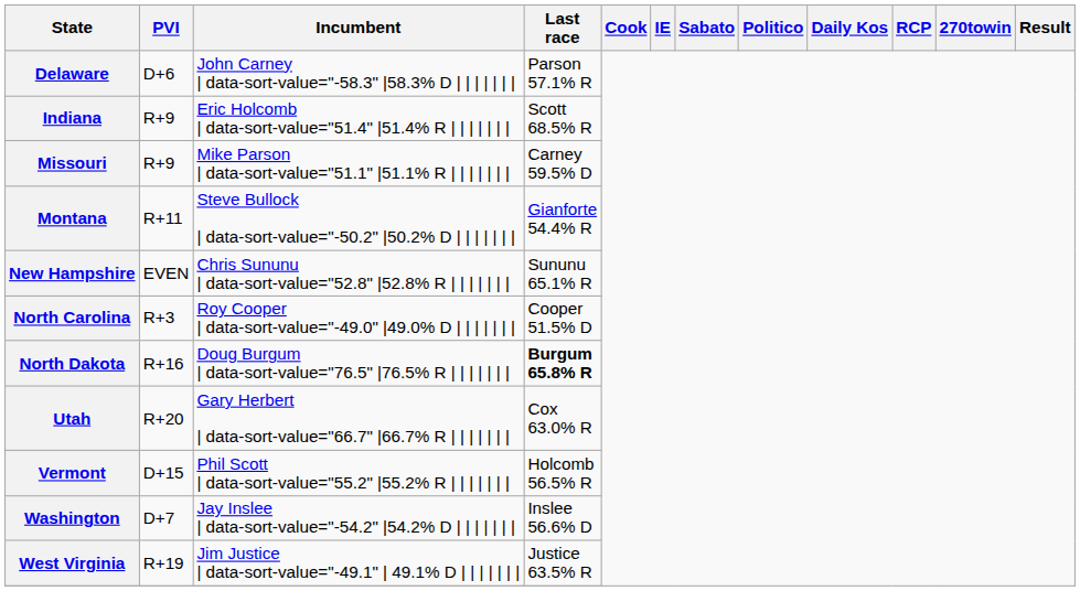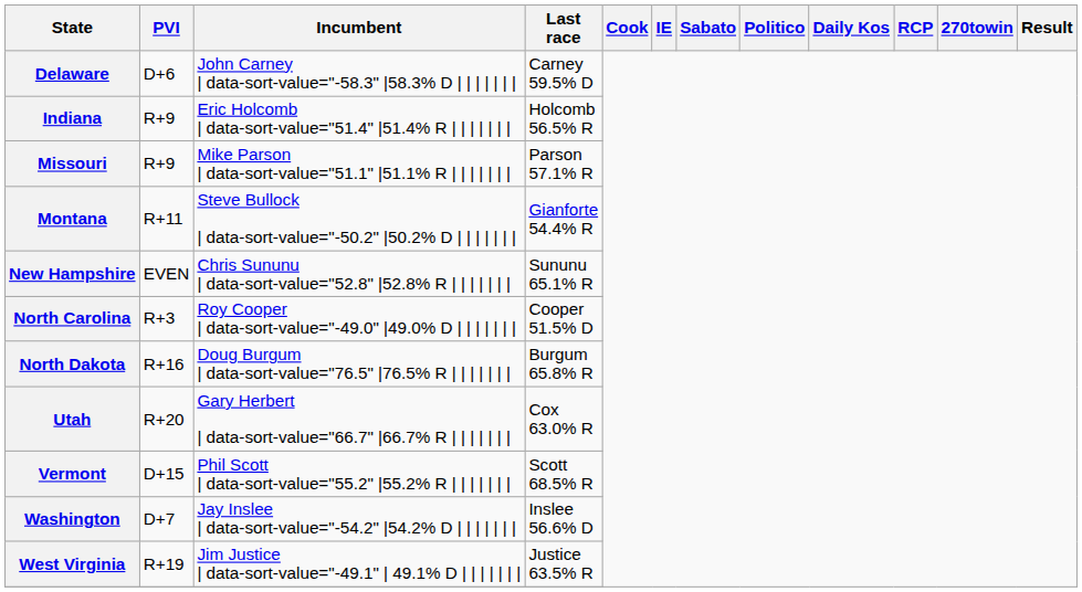 <table class="wikitable sortable" style="font-size:90%;">
 <tr>
 <th>State</th>
 <th><a href='#'>PVI</a></th>
 <th>Incumbent</th>
 <th>Last<br>race</th>
 <th scope="col"><a href='#'>Cook</a><br></th>
 <th scope="col"><a href='#'>IE</a><br></th>
 <th scope="col"><a href='#'>Sabato</a><br></th>
 <th><a href='#'>Politico</a><br></th>
 <th><a href='#'>Daily Kos</a><br></th>
 <th><a href='#'>RCP</a><br></th>
 <th><a href='#'>270towin</a><br></th>
 <th>Result</th>
 </tr>
 <tr>
 <th><a href='#'>Delaware</a></th>
 <td>D+6</td>
 <td><a href='#'>John Carney</a><br>| data-sort-value="-58.3" |58.3% D |  | | | | | |</td>
-<td>Parson<br>57.1% R</td>
+<td>Carney<br>59.5% D</td>
 </tr>
 <tr>
 <th><a href='#'>Indiana</a></th>
 <td>R+9</td>
 <td><a href='#'>Eric Holcomb</a><br>| data-sort-value="51.4" |51.4% R |  | | | | | |</td>
-<td>Scott<br>68.5% R</td>
+<td>Holcomb<br>56.5% R</td>
 </tr>
 <tr>
 <th><a href='#'>Missouri</a></th>
 <td>R+9</td>
 <td><a href='#'>Mike Parson</a><br>| data-sort-value="51.1" |51.1% R |  | | | | | |</td>
-<td>Carney<br>59.5% D</td>
+<td>Parson<br>57.1% R</td>
 </tr>
 <tr>
 <th><a href='#'>Montana</a></th>
 <td>R+11</td>
 <td><a href='#'>Steve Bullock</a><br><br>| data-sort-value="-50.2" |50.2% D |  | |  | | | |</td>
 <td><a href='#'>Gianforte</a><br>54.4% R </td>
 </tr>
 <tr>
 <th><a href='#'>New Hampshire</a></th>
 <td>EVEN</td>
 <td><a href='#'>Chris Sununu</a><br>| data-sort-value="52.8" |52.8% R |  | | | | | |</td>
 <td>Sununu<br>65.1% R</td>
 </tr>
 <tr>
 <th><a href='#'>North Carolina</a></th>
 <td>R+3</td>
 <td><a href='#'>Roy Cooper</a><br>| data-sort-value="-49.0" |49.0% D |  | |  | | | |</td>
 <td>Cooper<br>51.5% D</td>
 </tr>
 <tr>
 <th><a href='#'>North Dakota</a></th>
 <td>R+16</td>
 <td><a href='#'>Doug Burgum</a><br>| data-sort-value="76.5" |76.5% R |  | | | | | |</td>
-<td><strong>Burgum<br>65.8% R</strong></td>
+<td>Burgum<br>65.8% R</td>
 </tr>
 <tr>
 <th><a href='#'>Utah</a></th>
 <td>R+20</td>
 <td><a href='#'>Gary Herbert</a><br><br>| data-sort-value="66.7" |66.7% R |  | | | | | |</td>
 <td>Cox<br>63.0% R</td>
 </tr>
 <tr>
 <th><a href='#'>Vermont</a></th>
 <td>D+15</td>
 <td><a href='#'>Phil Scott</a><br>| data-sort-value="55.2" |55.2% R |  | | | | | |</td>
-<td>Holcomb<br>56.5% R</td>
+<td>Scott<br>68.5% R</td>
 </tr>
 <tr>
 <th><a href='#'>Washington</a></th>
 <td>D+7</td>
 <td><a href='#'>Jay Inslee</a><br>| data-sort-value="-54.2" |54.2% D |  | | | | | |</td>
 <td>Inslee<br>56.6% D</td>
 </tr>
 <tr>
 <th><a href='#'>West Virginia</a></th>
 <td>R+19</td>
 <td><a href='#'>Jim Justice</a><br>|  data-sort-value="-49.1" | 49.1% D |  | | | | | |</td>
 <td>Justice<br>63.5% R</td>
 </tr>
 <tr>
 </tr>
 </table>
